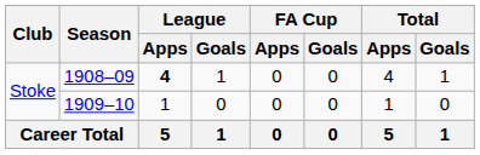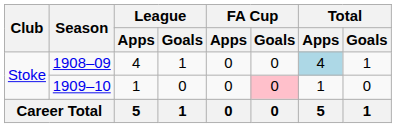 <table class="wikitable" style="text-align: center;">
 <tr>
 <th rowspan="2">Club</th>
 <th rowspan="2">Season</th>
 <th colspan="2">League</th>
 <th colspan="2">FA Cup</th>
 <th colspan="2">Total</th>
 </tr>
 <tr>
 <th>Apps</th>
 <th>Goals</th>
 <th>Apps</th>
 <th>Goals</th>
 <th>Apps</th>
 <th>Goals</th>
 </tr>
 <tr>
 <td rowspan="2"><a href='#'>Stoke</a></td>
 <td><a href='#'>1908–09</a></td>
-<td><strong>4</strong></td>
+<td>4</td>
 <td>1</td>
 <td>0</td>
 <td>0</td>
-<td>4</td>
+<td style="background: lightblue;">4</td>
 <td>1</td>
 </tr>
 <tr>
 <td><a href='#'>1909–10</a></td>
 <td>1</td>
 <td>0</td>
 <td>0</td>
-<td>0</td>
+<td style="background: pink;">0</td>
 <td>1</td>
 <td>0</td>
 </tr>
 <tr>
 <th colspan="2">Career Total</th>
 <th>5</th>
 <th>1</th>
 <th>0</th>
 <th>0</th>
 <th>5</th>
 <th>1</th>
 </tr>
 </table>
